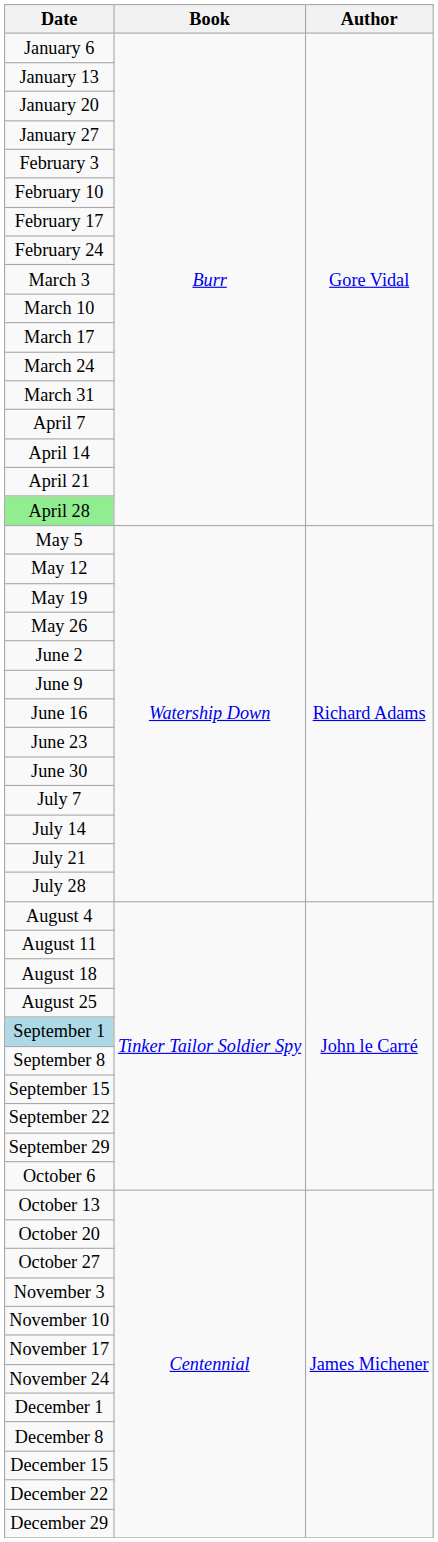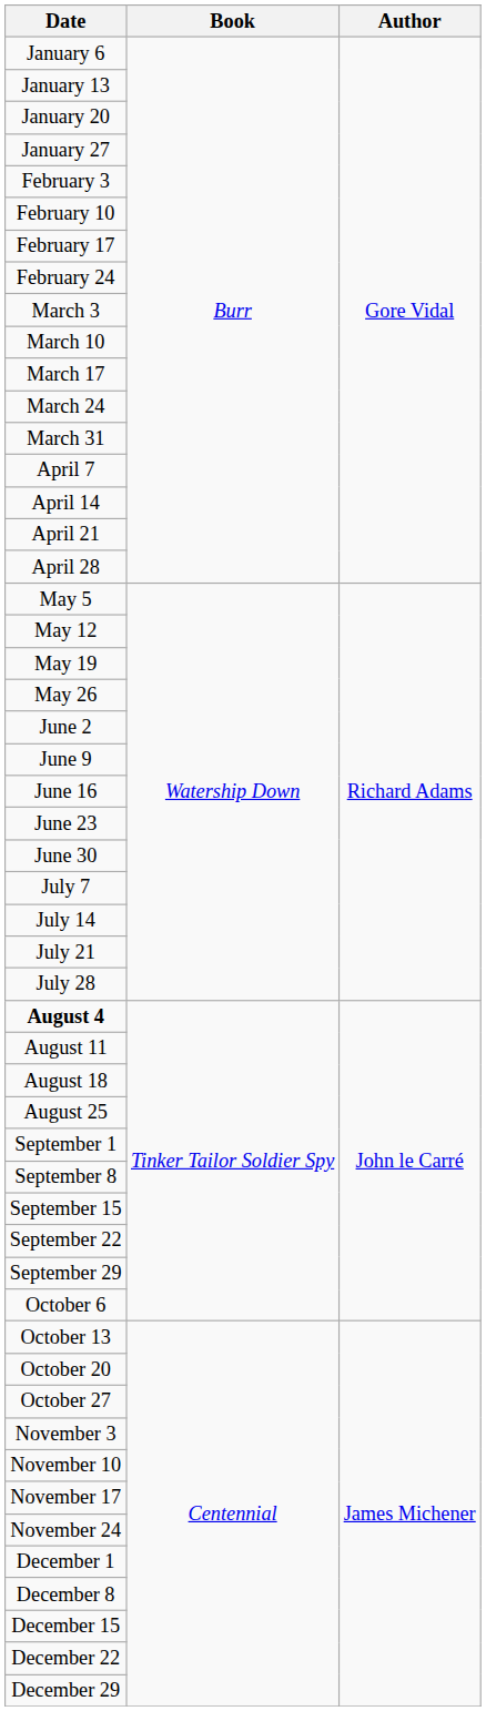 <table class="wikitable sortable" style="text-align: center">
 <tr>
 <th>Date</th>
 <th>Book</th>
 <th>Author</th>
 </tr>
 <tr>
 <td>January 6</td>
 <td rowspan=17><em><a href='#'>Burr</a></em></td>
 <td rowspan=17><a href='#'>Gore Vidal</a></td>
 </tr>
 <tr>
 <td>January 13</td>
 </tr>
 <tr>
 <td>January 20</td>
 </tr>
 <tr>
 <td>January 27</td>
 </tr>
 <tr>
 <td>February 3</td>
 </tr>
 <tr>
 <td>February 10</td>
 </tr>
 <tr>
 <td>February 17</td>
 </tr>
 <tr>
 <td>February 24</td>
 </tr>
 <tr>
 <td>March 3</td>
 </tr>
 <tr>
 <td>March 10</td>
 </tr>
 <tr>
 <td>March 17</td>
 </tr>
 <tr>
 <td>March 24</td>
 </tr>
 <tr>
 <td>March 31</td>
 </tr>
 <tr>
 <td>April 7</td>
 </tr>
 <tr>
 <td>April 14</td>
 </tr>
 <tr>
 <td>April 21</td>
 </tr>
 <tr>
-<td style="background: lightgreen;">April 28</td>
+<td>April 28</td>
 </tr>
 <tr>
 <td>May 5</td>
 <td rowspan=13><em><a href='#'>Watership Down</a></em></td>
 <td rowspan=13><a href='#'>Richard Adams</a></td>
 </tr>
 <tr>
 <td>May 12</td>
 </tr>
 <tr>
 <td>May 19</td>
 </tr>
 <tr>
 <td>May 26</td>
 </tr>
 <tr>
 <td>June 2</td>
 </tr>
 <tr>
 <td>June 9</td>
 </tr>
 <tr>
 <td>June 16</td>
 </tr>
 <tr>
 <td>June 23</td>
 </tr>
 <tr>
 <td>June 30</td>
 </tr>
 <tr>
 <td>July 7</td>
 </tr>
 <tr>
 <td>July 14</td>
 </tr>
 <tr>
 <td>July 21</td>
 </tr>
 <tr>
 <td>July 28</td>
 </tr>
 <tr>
-<td>August 4</td>
+<td><strong>August 4</strong></td>
 <td rowspan=10><em><a href='#'>Tinker Tailor Soldier Spy</a></em></td>
 <td rowspan=10><a href='#'>John le Carré</a></td>
 </tr>
 <tr>
 <td>August 11</td>
 </tr>
 <tr>
 <td>August 18</td>
 </tr>
 <tr>
 <td>August 25</td>
 </tr>
 <tr>
-<td style="background: lightblue;">September 1</td>
+<td>September 1</td>
 </tr>
 <tr>
 <td>September 8</td>
 </tr>
 <tr>
 <td>September 15</td>
 </tr>
 <tr>
 <td>September 22</td>
 </tr>
 <tr>
 <td>September 29</td>
 </tr>
 <tr>
 <td>October 6</td>
 </tr>
 <tr>
 <td>October 13</td>
 <td rowspan=12><em><a href='#'>Centennial</a></em></td>
 <td rowspan=12><a href='#'>James Michener</a></td>
 </tr>
 <tr>
 <td>October 20</td>
 </tr>
 <tr>
 <td>October 27</td>
 </tr>
 <tr>
 <td>November 3</td>
 </tr>
 <tr>
 <td>November 10</td>
 </tr>
 <tr>
 <td>November 17</td>
 </tr>
 <tr>
 <td>November 24</td>
 </tr>
 <tr>
 <td>December 1</td>
 </tr>
 <tr>
 <td>December 8</td>
 </tr>
 <tr>
 <td>December 15</td>
 </tr>
 <tr>
 <td>December 22</td>
 </tr>
 <tr>
 <td>December 29</td>
 </tr>
 </table>
